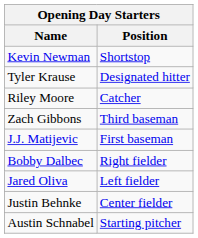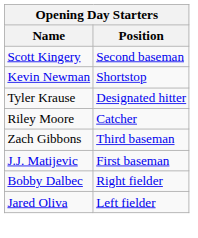 <table class="wikitable" style="text-align:left">
 <tr>
 <th colspan="2">Opening Day Starters</th>
 </tr>
 <tr>
 <th>Name</th>
 <th>Position</th>
+</tr>
+<tr>
+<td><a href='#'>Scott Kingery</a></td>
+<td><a href='#'>Second baseman</a></td>
 </tr>
 <tr>
 <td><a href='#'>Kevin Newman</a></td>
 <td><a href='#'>Shortstop</a></td>
 </tr>
 <tr>
 <td>Tyler Krause</td>
 <td><a href='#'>Designated hitter</a></td>
 </tr>
 <tr>
 <td>Riley Moore</td>
 <td><a href='#'>Catcher</a></td>
 </tr>
 <tr>
 <td>Zach Gibbons</td>
 <td><a href='#'>Third baseman</a></td>
 </tr>
 <tr>
 <td><a href='#'>J.J. Matijevic</a></td>
 <td><a href='#'>First baseman</a></td>
 </tr>
 <tr>
 <td><a href='#'>Bobby Dalbec</a></td>
 <td><a href='#'>Right fielder</a></td>
 </tr>
 <tr>
 <td><a href='#'>Jared Oliva</a></td>
 <td><a href='#'>Left fielder</a></td>
 </tr>
-<tr>
-<td>Justin Behnke</td>
-<td><a href='#'>Center fielder</a></td>
-</tr>
-<tr>
-<td>Austin Schnabel</td>
-<td><a href='#'>Starting pitcher</a></td>
-</tr>
 </table>
